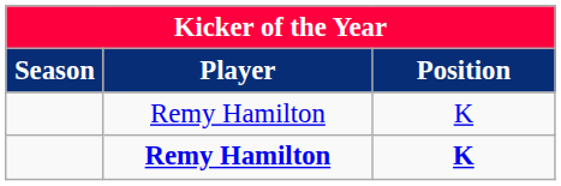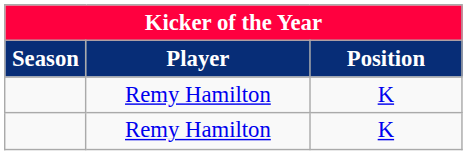 <table class="wikitable sortable" style="text-align:center">
 <tr>
 <td colspan="4" style="background:#FF003F; color:white;"><strong>Kicker of the Year</strong></td>
 </tr>
 <tr>
 <th style="width:50px; background:#072D77; color:white;">Season</th>
 <th style="width:150px; background:#072D77; color:white;">Player</th>
 <th style="width:100px; background:#072D77; color:white;">Position</th>
 </tr>
 <tr>
 <td></td>
 <td><a href='#'>Remy Hamilton</a></td>
 <td><a href='#'>K</a></td>
 </tr>
 <tr>
 <td></td>
-<td><strong><a href='#'>Remy Hamilton</a></strong></td>
-<td><strong><a href='#'>K</a></strong></td>
+<td><a href='#'>Remy Hamilton</a></td>
+<td><a href='#'>K</a></td>
 </tr>
 </table>
